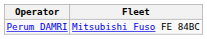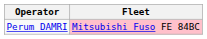 <table class="wikitable sortable">
 <tr>
 <th>Operator</th>
 <th>Fleet</th>
 </tr>
 <tr>
 <td><a href='#'>Perum DAMRI</a> <br></td>
-<td><a href='#'>Mitsubishi Fuso</a> FE 84BC</td>
+<td style="background: pink;"><a href='#'>Mitsubishi Fuso</a> FE 84BC</td>
 </tr>
 </table>
